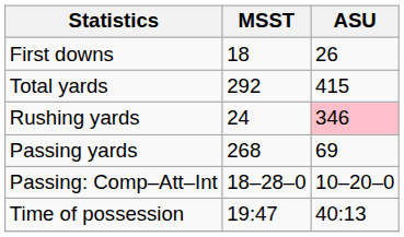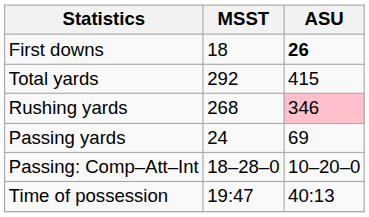 <table class="wikitable" style="float: left;">
 <tr>
 <th>Statistics</th>
 <th>MSST</th>
 <th>ASU</th>
 </tr>
 <tr>
 <td>First downs</td>
 <td>18</td>
-<td>26</td>
+<td><strong>26</strong></td>
 </tr>
 <tr>
 <td>Total yards</td>
 <td>292</td>
 <td>415</td>
 </tr>
 <tr>
 <td>Rushing yards</td>
-<td>24</td>
+<td>268</td>
 <td style="background: pink;">346</td>
 </tr>
 <tr>
 <td>Passing yards</td>
-<td>268</td>
+<td>24</td>
 <td>69</td>
 </tr>
 <tr>
 <td>Passing: Comp–Att–Int</td>
 <td>18–28–0</td>
 <td>10–20–0</td>
 </tr>
 <tr>
 <td>Time of possession</td>
 <td>19:47</td>
 <td>40:13</td>
 </tr>
 <tr>
 </tr>
 </table>
